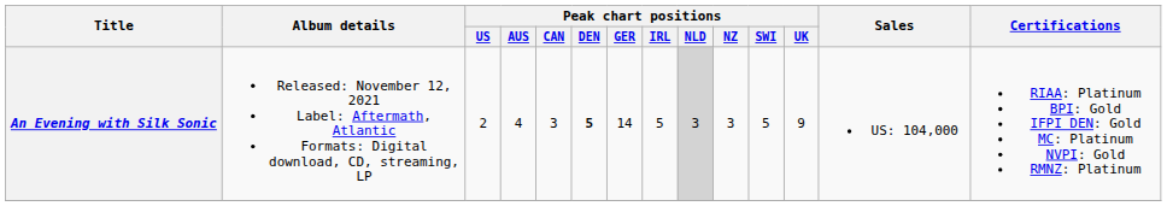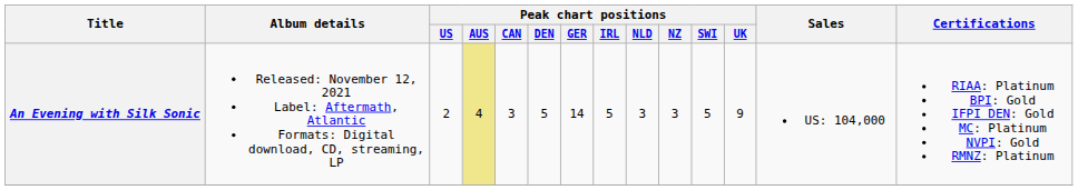 <table class="wikitable plainrowheaders" style="text-align:center;">
 <tr>
 <th scope="col" rowspan="2" style="width:16em;">Title</th>
 <th scope="col" rowspan="2" style="width:18em;">Album details</th>
 <th scope="col" colspan="10">Peak chart positions</th>
 <th scope="col" rowspan="2" style="width:11em;">Sales</th>
 <th scope="col" rowspan="2" style="width:14em;"><a href='#'>Certifications</a></th>
 </tr>
 <tr>
 <th scope="col" style="width:2.5em;font-size:90%;"><a href='#'>US</a><br></th>
 <th scope="col" style="width:2.5em;font-size:90%;"><a href='#'>AUS</a><br></th>
 <th scope="col" style="width:2.5em;font-size:90%;"><a href='#'>CAN</a><br></th>
 <th scope="col" style="width:2.5em;font-size:90%;"><a href='#'>DEN</a><br></th>
 <th scope="col" style="width:2.5em;font-size:90%;"><a href='#'>GER</a><br></th>
 <th scope="col" style="width:2.5em;font-size:90%;"><a href='#'>IRL</a><br></th>
 <th scope="col" style="width:2.5em;font-size:90%;"><a href='#'>NLD</a><br></th>
 <th scope="col" style="width:2.5em;font-size:90%;"><a href='#'>NZ</a><br></th>
 <th scope="col" style="width:2.5em;font-size:90%;"><a href='#'>SWI</a><br></th>
 <th scope="col" style="width:2.5em;font-size:90%;"><a href='#'>UK</a><br></th>
 </tr>
 <tr>
 <th scope="row"><em><a href='#'>An Evening with Silk Sonic</a></em><br></th>
 <td><br><ul><li>Released: November 12, 2021</li><li>Label: <a href='#'>Aftermath</a>, <a href='#'>Atlantic</a></li><li>Formats: Digital download, CD, streaming, LP</li></ul></td>
 <td>2</td>
-<td>4</td>
+<td style="background: khaki;">4</td>
 <td>3</td>
-<td><strong>5</strong></td>
+<td>5</td>
 <td>14</td>
 <td>5</td>
-<td style="background: lightgrey;">3</td>
+<td>3</td>
 <td>3</td>
 <td>5</td>
 <td>9</td>
 <td><br><ul><li>US: 104,000</li></ul></td>
 <td><br><ul><li><a href='#'>RIAA</a>: Platinum</li><li><a href='#'>BPI</a>: Gold</li><li><a href='#'>IFPI DEN</a>: Gold</li><li><a href='#'>MC</a>: Platinum</li><li><a href='#'>NVPI</a>: Gold</li><li><a href='#'>RMNZ</a>: Platinum</li></ul></td>
 </tr>
 <tr>
 </tr>
 </table>
